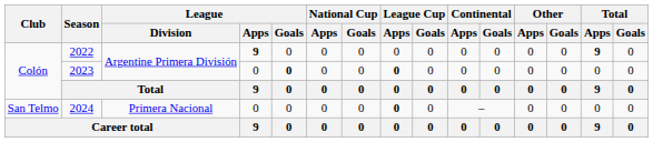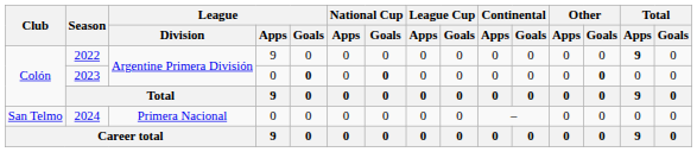 <table class=wikitable style=text-align:center>
 <tr>
 <th rowspan="2">Club</th>
 <th rowspan="2">Season</th>
 <th colspan="3">League</th>
 <th colspan="2">National Cup</th>
 <th colspan="2">League Cup</th>
 <th colspan="2">Continental</th>
 <th colspan="2">Other</th>
 <th colspan="2">Total</th>
 </tr>
 <tr>
 <th>Division</th>
 <th>Apps</th>
 <th>Goals</th>
 <th>Apps</th>
 <th>Goals</th>
 <th>Apps</th>
 <th>Goals</th>
 <th>Apps</th>
 <th>Goals</th>
 <th>Apps</th>
 <th>Goals</th>
 <th>Apps</th>
 <th>Goals</th>
 </tr>
 <tr>
 <td rowspan="3"><a href='#'>Colón</a></td>
 <td><a href='#'>2022</a></td>
 <td rowspan="2"><a href='#'>Argentine Primera División</a></td>
-<td><strong>9</strong></td>
+<td>9</td>
 <td>0</td>
 <td>0</td>
 <td>0</td>
 <td>0</td>
 <td>0</td>
 <td>0</td>
 <td>0</td>
 <td>0</td>
 <td>0</td>
 <td><strong>9</strong></td>
 <td>0</td>
 </tr>
 <tr>
 <td><a href='#'>2023</a></td>
 <td>0</td>
 <td><strong>0</strong></td>
 <td>0</td>
-<td>0</td>
 <td><strong>0</strong></td>
 <td>0</td>
 <td>0</td>
 <td>0</td>
 <td>0</td>
 <td>0</td>
+<td><strong>0</strong></td>
 <td>0</td>
 <td>0</td>
 </tr>
 <tr>
 <th colspan="2"><strong>Total</strong></th>
 <th>9</th>
 <th>0</th>
 <th>0</th>
 <th>0</th>
 <th>0</th>
 <th>0</th>
 <th>0</th>
 <th>0</th>
 <th>0</th>
 <th>0</th>
 <th>9</th>
 <th>0</th>
 </tr>
 <tr>
 <td><a href='#'>San Telmo</a></td>
 <td><a href='#'>2024</a></td>
 <td><a href='#'>Primera Nacional</a></td>
 <td>0</td>
 <td>0</td>
 <td>0</td>
 <td>0</td>
-<td><strong>0</strong></td>
+<td>0</td>
 <td>0</td>
 <td colspan="2">–</td>
 <td>0</td>
 <td>0</td>
 <td>0</td>
 <td>0</td>
 </tr>
 <tr>
 <th colspan="3"><strong>Career total</strong></th>
 <th>9</th>
 <th>0</th>
 <th>0</th>
 <th>0</th>
 <th>0</th>
 <th>0</th>
 <th>0</th>
 <th>0</th>
 <th>0</th>
 <th>0</th>
 <th>9</th>
 <th>0</th>
 </tr>
 </table>
